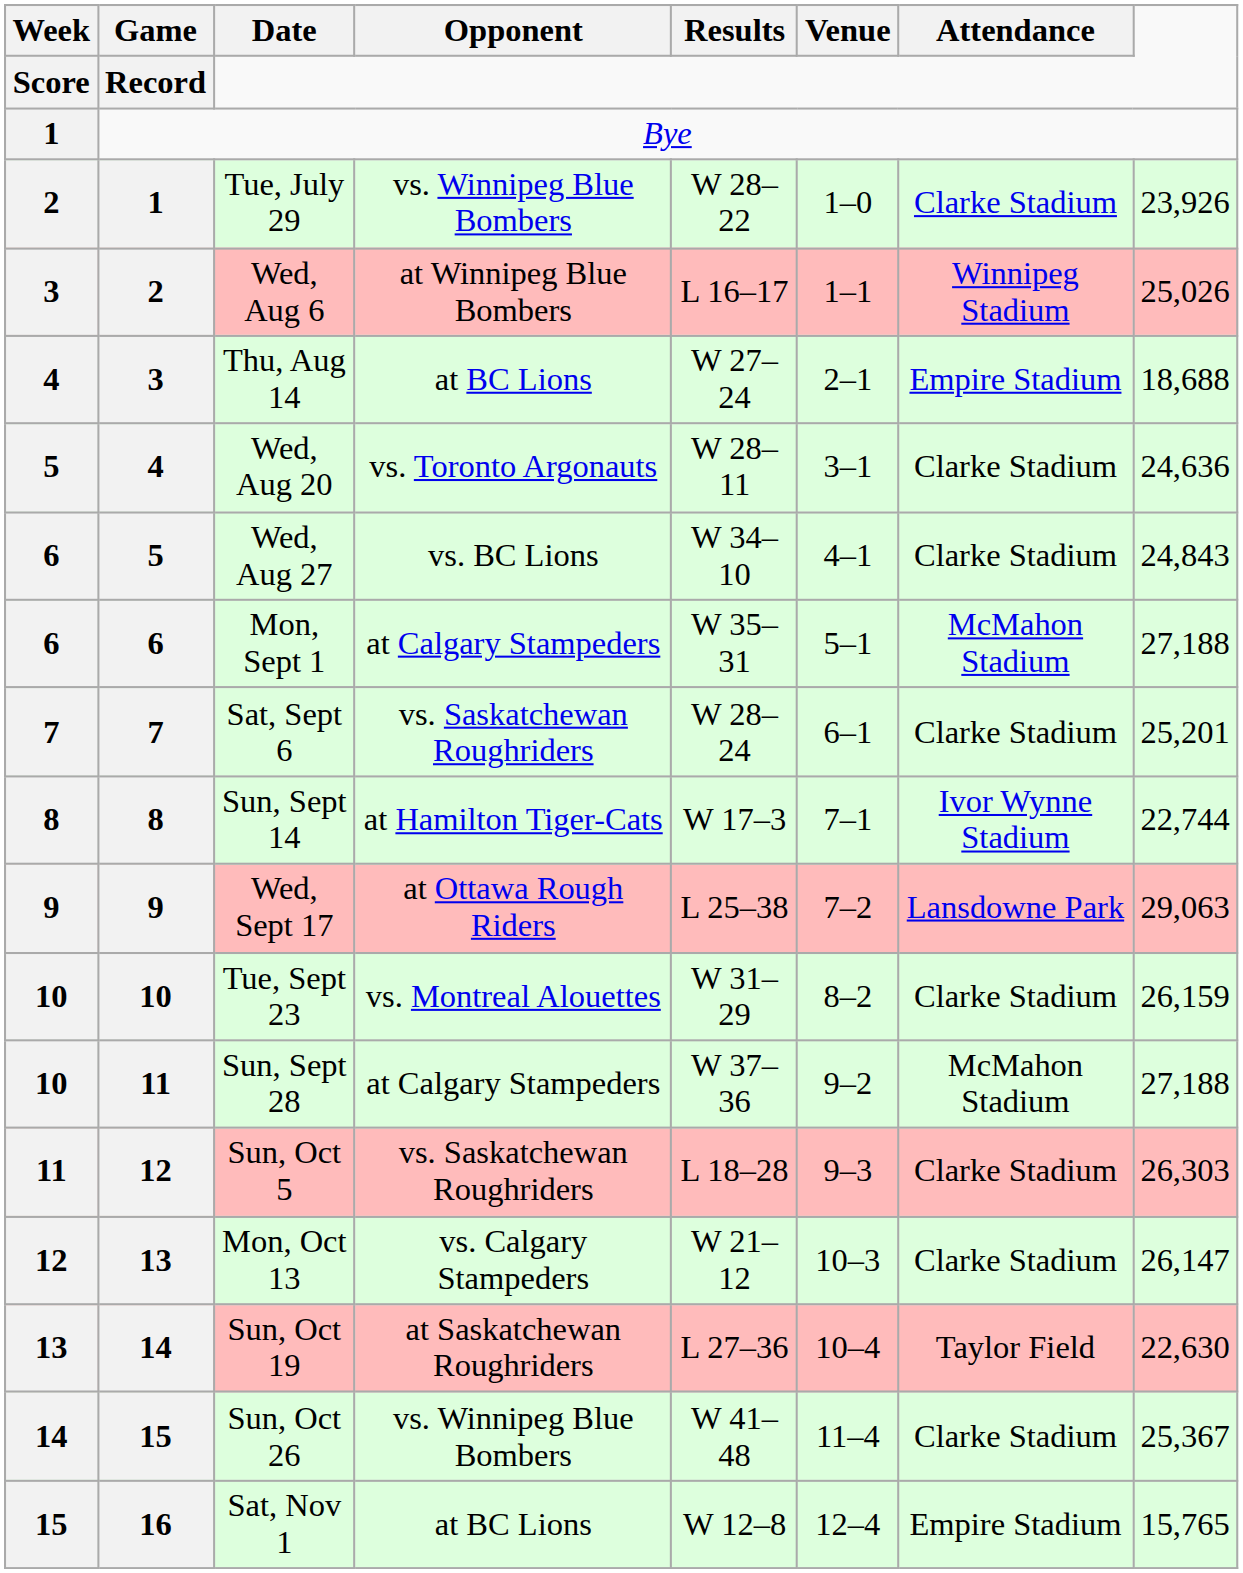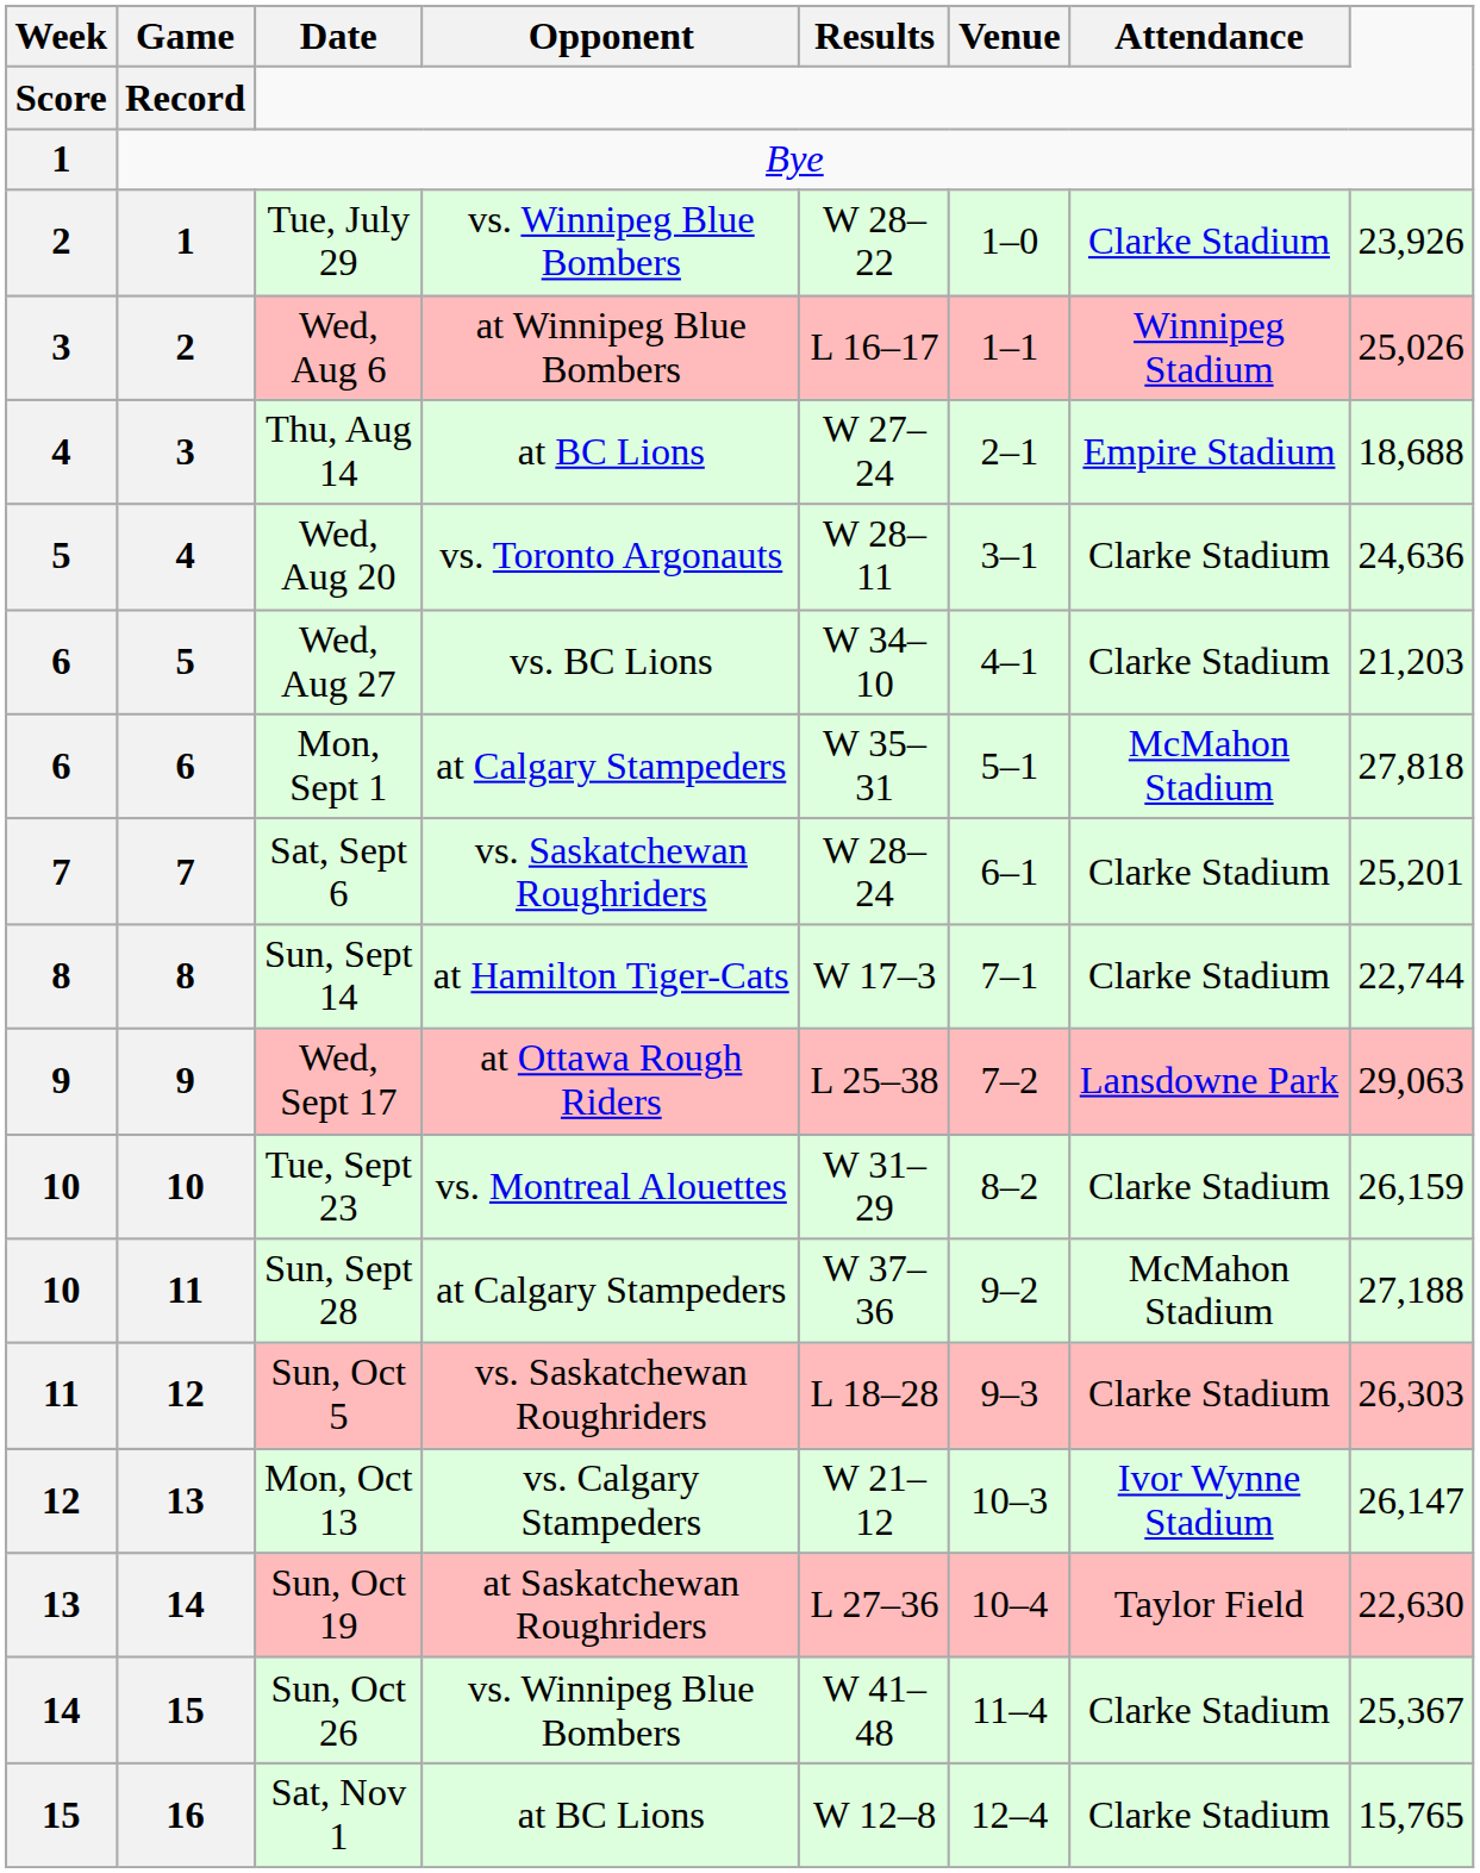 <table class="wikitable" style="text-align:center">
 <tr>
 <th>Week</th>
 <th>Game</th>
 <th>Date</th>
 <th>Opponent</th>
 <th>Results</th>
 <th>Venue</th>
 <th>Attendance</th>
 </tr>
 <tr>
 <th>Score</th>
 <th>Record</th>
 </tr>
 <tr>
 <th>1</th>
 <td colspan="7"><em><a href='#'>Bye</a></em></td>
 </tr>
 <tr style="background:#ddffdd">
 <th>2</th>
 <th>1</th>
 <td>Tue, July 29</td>
 <td>vs. <a href='#'>Winnipeg Blue Bombers</a></td>
 <td>W 28–22</td>
 <td>1–0</td>
 <td><a href='#'>Clarke Stadium</a></td>
 <td>23,926</td>
 </tr>
 <tr style="background:#ffbbbb">
 <th>3</th>
 <th>2</th>
 <td>Wed, Aug 6</td>
 <td>at Winnipeg Blue Bombers</td>
 <td>L 16–17</td>
 <td>1–1</td>
 <td><a href='#'>Winnipeg Stadium</a></td>
 <td>25,026</td>
 </tr>
 <tr style="background:#ddffdd">
 <th>4</th>
 <th>3</th>
 <td>Thu, Aug 14</td>
 <td>at <a href='#'>BC Lions</a></td>
 <td>W 27–24</td>
 <td>2–1</td>
 <td><a href='#'>Empire Stadium</a></td>
 <td>18,688</td>
 </tr>
 <tr style="background:#ddffdd">
 <th>5</th>
 <th>4</th>
 <td>Wed, Aug 20</td>
 <td>vs. <a href='#'>Toronto Argonauts</a></td>
 <td>W 28–11</td>
 <td>3–1</td>
 <td>Clarke Stadium</td>
 <td>24,636</td>
 </tr>
 <tr style="background:#ddffdd">
 <th>6</th>
 <th>5</th>
 <td>Wed, Aug 27</td>
 <td>vs. BC Lions</td>
 <td>W 34–10</td>
 <td>4–1</td>
 <td>Clarke Stadium</td>
-<td>24,843</td>
+<td>21,203</td>
 </tr>
 <tr style="background:#ddffdd">
 <th>6</th>
 <th>6</th>
 <td>Mon, Sept 1</td>
 <td>at <a href='#'>Calgary Stampeders</a></td>
 <td>W 35–31</td>
 <td>5–1</td>
 <td><a href='#'>McMahon Stadium</a></td>
-<td>27,188</td>
+<td>27,818</td>
 </tr>
 <tr style="background:#ddffdd">
 <th>7</th>
 <th>7</th>
 <td>Sat, Sept 6</td>
 <td>vs. <a href='#'>Saskatchewan Roughriders</a></td>
 <td>W 28–24</td>
 <td>6–1</td>
 <td>Clarke Stadium</td>
 <td>25,201</td>
 </tr>
 <tr style="background:#ddffdd">
 <th>8</th>
 <th>8</th>
 <td>Sun, Sept 14</td>
 <td>at <a href='#'>Hamilton Tiger-Cats</a></td>
 <td>W 17–3</td>
 <td>7–1</td>
-<td><a href='#'>Ivor Wynne Stadium</a></td>
+<td>Clarke Stadium</td>
 <td>22,744</td>
 </tr>
 <tr style="background:#ffbbbb">
 <th>9</th>
 <th>9</th>
 <td>Wed, Sept 17</td>
 <td>at <a href='#'>Ottawa Rough Riders</a></td>
 <td>L 25–38</td>
 <td>7–2</td>
 <td><a href='#'>Lansdowne Park</a></td>
 <td>29,063</td>
 </tr>
 <tr style="background:#ddffdd">
 <th>10</th>
 <th>10</th>
 <td>Tue, Sept 23</td>
 <td>vs. <a href='#'>Montreal Alouettes</a></td>
 <td>W 31–29</td>
 <td>8–2</td>
 <td>Clarke Stadium</td>
 <td>26,159</td>
 </tr>
 <tr style="background:#ddffdd">
 <th>10</th>
 <th>11</th>
 <td>Sun, Sept 28</td>
 <td>at Calgary Stampeders</td>
 <td>W 37–36</td>
 <td>9–2</td>
 <td>McMahon Stadium</td>
 <td>27,188</td>
 </tr>
 <tr style="background:#ffbbbb">
 <th>11</th>
 <th>12</th>
 <td>Sun, Oct 5</td>
 <td>vs. Saskatchewan Roughriders</td>
 <td>L 18–28</td>
 <td>9–3</td>
 <td>Clarke Stadium</td>
 <td>26,303</td>
 </tr>
 <tr style="background:#ddffdd">
 <th>12</th>
 <th>13</th>
 <td>Mon, Oct 13</td>
 <td>vs. Calgary Stampeders</td>
 <td>W 21–12</td>
 <td>10–3</td>
-<td>Clarke Stadium</td>
+<td><a href='#'>Ivor Wynne Stadium</a></td>
 <td>26,147</td>
 </tr>
 <tr style="background:#ffbbbb">
 <th>13</th>
 <th>14</th>
 <td>Sun, Oct 19</td>
 <td>at Saskatchewan Roughriders</td>
 <td>L 27–36</td>
 <td>10–4</td>
 <td>Taylor Field</td>
 <td>22,630</td>
 </tr>
 <tr style="background:#ddffdd">
 <th>14</th>
 <th>15</th>
 <td>Sun, Oct 26</td>
 <td>vs. Winnipeg Blue Bombers</td>
 <td>W 41–48</td>
 <td>11–4</td>
 <td>Clarke Stadium</td>
 <td>25,367</td>
 </tr>
 <tr style="background:#ddffdd">
 <th>15</th>
 <th>16</th>
 <td>Sat, Nov 1</td>
 <td>at BC Lions</td>
 <td>W 12–8</td>
 <td>12–4</td>
-<td>Empire Stadium</td>
+<td>Clarke Stadium</td>
 <td>15,765</td>
 </tr>
 </table>
